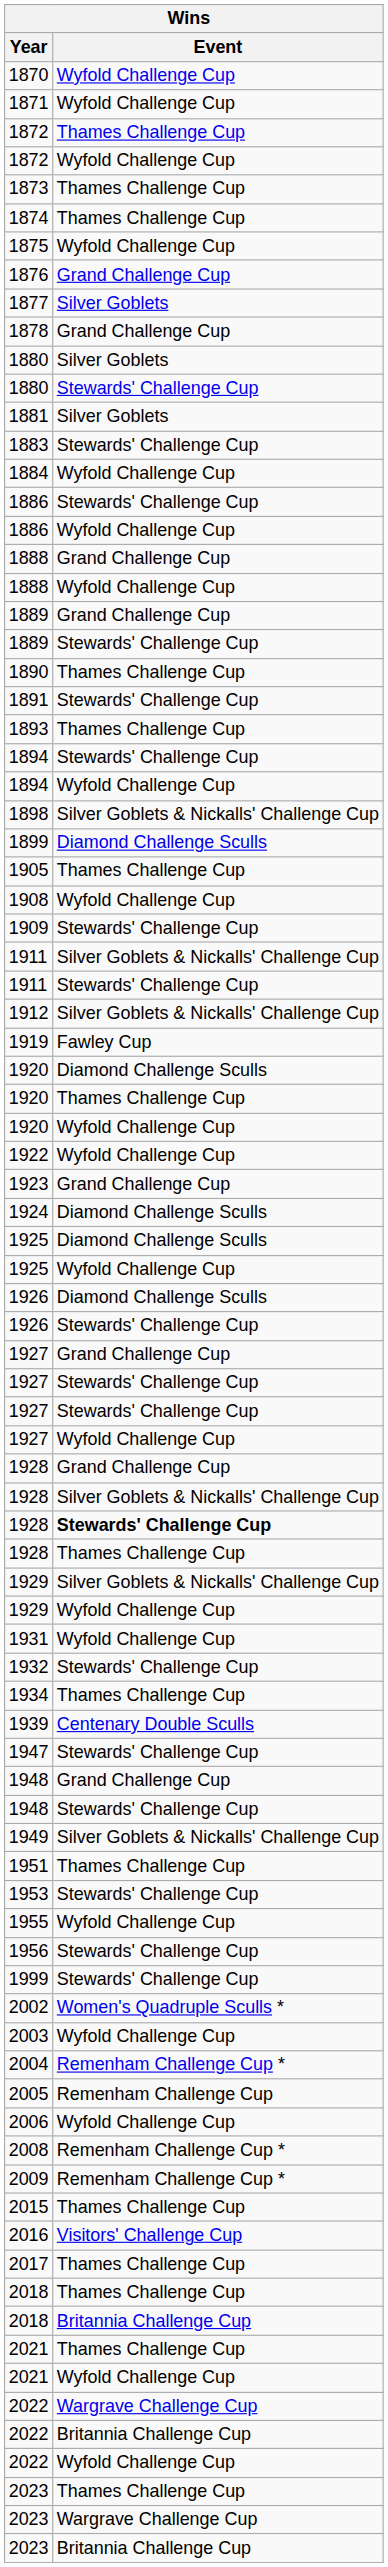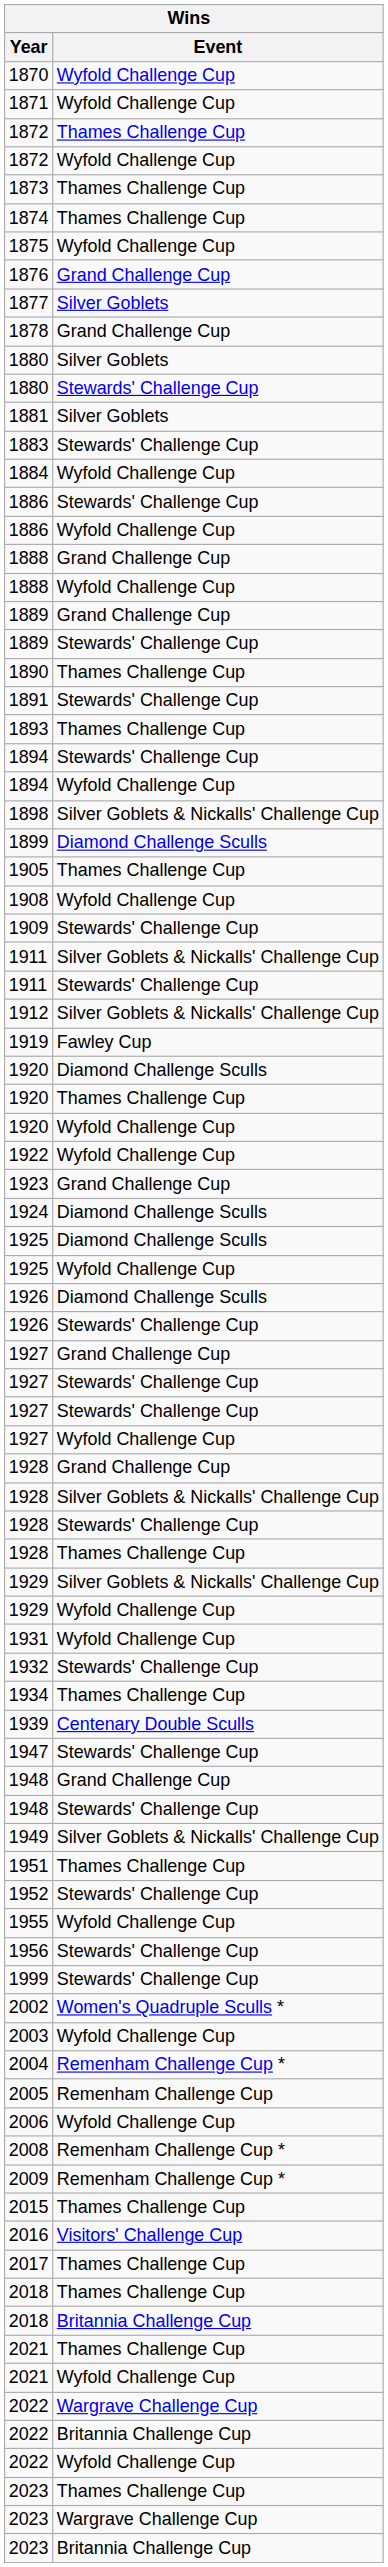 <table class="wikitable collapsible collapsed">
 <tr>
 <th colspan="2">Wins  </th>
 </tr>
 <tr>
 <th>Year</th>
 <th>Event</th>
 </tr>
 <tr>
 <td>1870</td>
 <td><a href='#'>Wyfold Challenge Cup</a></td>
 </tr>
 <tr>
 <td>1871</td>
 <td>Wyfold Challenge Cup</td>
 </tr>
 <tr>
 <td>1872</td>
 <td><a href='#'>Thames Challenge Cup</a></td>
 </tr>
 <tr>
 <td>1872</td>
 <td>Wyfold Challenge Cup</td>
 </tr>
 <tr>
 <td>1873</td>
 <td>Thames Challenge Cup</td>
 </tr>
 <tr>
 <td>1874</td>
 <td>Thames Challenge Cup</td>
 </tr>
 <tr>
 <td>1875</td>
 <td>Wyfold Challenge Cup</td>
 </tr>
 <tr>
 <td>1876</td>
 <td><a href='#'>Grand Challenge Cup</a></td>
 </tr>
 <tr>
 <td>1877</td>
 <td><a href='#'>Silver Goblets</a></td>
 </tr>
 <tr>
 <td>1878</td>
 <td>Grand Challenge Cup</td>
 </tr>
 <tr>
 <td>1880</td>
 <td>Silver Goblets</td>
 </tr>
 <tr>
 <td>1880</td>
 <td><a href='#'>Stewards' Challenge Cup</a></td>
 </tr>
 <tr>
 <td>1881</td>
 <td>Silver Goblets</td>
 </tr>
 <tr>
 <td>1883</td>
 <td>Stewards' Challenge Cup</td>
 </tr>
 <tr>
 <td>1884</td>
 <td>Wyfold Challenge Cup</td>
 </tr>
 <tr>
 <td>1886</td>
 <td>Stewards' Challenge Cup</td>
 </tr>
 <tr>
 <td>1886</td>
 <td>Wyfold Challenge Cup</td>
 </tr>
 <tr>
 <td>1888</td>
 <td>Grand Challenge Cup</td>
 </tr>
 <tr>
 <td>1888</td>
 <td>Wyfold Challenge Cup</td>
 </tr>
 <tr>
 <td>1889</td>
 <td>Grand Challenge Cup</td>
 </tr>
 <tr>
 <td>1889</td>
 <td>Stewards' Challenge Cup</td>
 </tr>
 <tr>
 <td>1890</td>
 <td>Thames Challenge Cup</td>
 </tr>
 <tr>
 <td>1891</td>
 <td>Stewards' Challenge Cup</td>
 </tr>
 <tr>
 <td>1893</td>
 <td>Thames Challenge Cup</td>
 </tr>
 <tr>
 <td>1894</td>
 <td>Stewards' Challenge Cup</td>
 </tr>
 <tr>
 <td>1894</td>
 <td>Wyfold Challenge Cup</td>
 </tr>
 <tr>
 <td>1898</td>
 <td>Silver Goblets & Nickalls' Challenge Cup</td>
 </tr>
 <tr>
 <td>1899</td>
 <td><a href='#'>Diamond Challenge Sculls</a></td>
 </tr>
 <tr>
 <td>1905</td>
 <td>Thames Challenge Cup</td>
 </tr>
 <tr>
 <td>1908</td>
 <td>Wyfold Challenge Cup</td>
 </tr>
 <tr>
 <td>1909</td>
 <td>Stewards' Challenge Cup</td>
 </tr>
 <tr>
 <td>1911</td>
 <td>Silver Goblets & Nickalls' Challenge Cup</td>
 </tr>
 <tr>
 <td>1911</td>
 <td>Stewards' Challenge Cup</td>
 </tr>
 <tr>
 <td>1912</td>
 <td>Silver Goblets & Nickalls' Challenge Cup</td>
 </tr>
 <tr>
 <td>1919</td>
 <td>Fawley Cup</td>
 </tr>
 <tr>
 <td>1920</td>
 <td>Diamond Challenge Sculls</td>
 </tr>
 <tr>
 <td>1920</td>
 <td>Thames Challenge Cup</td>
 </tr>
 <tr>
 <td>1920</td>
 <td>Wyfold Challenge Cup</td>
 </tr>
 <tr>
 <td>1922</td>
 <td>Wyfold Challenge Cup</td>
 </tr>
 <tr>
 <td>1923</td>
 <td>Grand Challenge Cup</td>
 </tr>
 <tr>
 <td>1924</td>
 <td>Diamond Challenge Sculls</td>
 </tr>
 <tr>
 <td>1925</td>
 <td>Diamond Challenge Sculls</td>
 </tr>
 <tr>
 <td>1925</td>
 <td>Wyfold Challenge Cup</td>
 </tr>
 <tr>
 <td>1926</td>
 <td>Diamond Challenge Sculls</td>
 </tr>
 <tr>
 <td>1926</td>
 <td>Stewards' Challenge Cup</td>
 </tr>
 <tr>
 <td>1927</td>
 <td>Grand Challenge Cup</td>
 </tr>
 <tr>
 <td>1927</td>
 <td>Stewards' Challenge Cup</td>
 </tr>
 <tr>
 <td>1927</td>
 <td>Stewards' Challenge Cup</td>
 </tr>
 <tr>
 <td>1927</td>
 <td>Wyfold Challenge Cup</td>
 </tr>
 <tr>
 <td>1928</td>
 <td>Grand Challenge Cup</td>
 </tr>
 <tr>
 <td>1928</td>
 <td>Silver Goblets & Nickalls' Challenge Cup</td>
 </tr>
 <tr>
 <td>1928</td>
-<td><strong>Stewards' Challenge Cup</strong></td>
+<td>Stewards' Challenge Cup</td>
 </tr>
 <tr>
 <td>1928</td>
 <td>Thames Challenge Cup</td>
 </tr>
 <tr>
 <td>1929</td>
 <td>Silver Goblets & Nickalls' Challenge Cup</td>
 </tr>
 <tr>
 <td>1929</td>
 <td>Wyfold Challenge Cup</td>
 </tr>
 <tr>
 <td>1931</td>
 <td>Wyfold Challenge Cup</td>
 </tr>
 <tr>
 <td>1932</td>
 <td>Stewards' Challenge Cup</td>
 </tr>
 <tr>
 <td>1934</td>
 <td>Thames Challenge Cup</td>
 </tr>
 <tr>
 <td>1939</td>
 <td><a href='#'>Centenary Double Sculls</a></td>
 </tr>
 <tr>
 <td>1947</td>
 <td>Stewards' Challenge Cup</td>
 </tr>
 <tr>
 <td>1948</td>
 <td>Grand Challenge Cup</td>
 </tr>
 <tr>
 <td>1948</td>
 <td>Stewards' Challenge Cup</td>
 </tr>
 <tr>
 <td>1949</td>
 <td>Silver Goblets & Nickalls' Challenge Cup</td>
 </tr>
 <tr>
 <td>1951</td>
 <td>Thames Challenge Cup</td>
 </tr>
 <tr>
-<td>1953</td>
+<td>1952</td>
 <td>Stewards' Challenge Cup</td>
 </tr>
 <tr>
 <td>1955</td>
 <td>Wyfold Challenge Cup</td>
 </tr>
 <tr>
 <td>1956</td>
 <td>Stewards' Challenge Cup</td>
 </tr>
 <tr>
 <td>1999</td>
 <td>Stewards' Challenge Cup</td>
 </tr>
 <tr>
 <td>2002</td>
 <td><a href='#'>Women's Quadruple Sculls</a> *</td>
 </tr>
 <tr>
 <td>2003</td>
 <td>Wyfold Challenge Cup</td>
 </tr>
 <tr>
 <td>2004</td>
 <td><a href='#'>Remenham Challenge Cup</a> *</td>
 </tr>
 <tr>
 <td>2005</td>
 <td>Remenham Challenge Cup</td>
 </tr>
 <tr>
 <td>2006</td>
 <td>Wyfold Challenge Cup</td>
 </tr>
 <tr>
 <td>2008</td>
 <td>Remenham Challenge Cup *</td>
 </tr>
 <tr>
 <td>2009</td>
 <td>Remenham Challenge Cup *</td>
 </tr>
 <tr>
 <td>2015</td>
 <td>Thames Challenge Cup</td>
 </tr>
 <tr>
 <td>2016</td>
 <td><a href='#'>Visitors' Challenge Cup</a></td>
 </tr>
 <tr>
 <td>2017</td>
 <td>Thames Challenge Cup</td>
 </tr>
 <tr>
 <td>2018</td>
 <td>Thames Challenge Cup</td>
 </tr>
 <tr>
 <td>2018</td>
 <td><a href='#'>Britannia Challenge Cup</a></td>
 </tr>
 <tr>
 <td>2021</td>
 <td>Thames Challenge Cup</td>
 </tr>
 <tr>
 <td>2021</td>
 <td>Wyfold Challenge Cup</td>
 </tr>
 <tr>
 <td>2022</td>
 <td><a href='#'>Wargrave Challenge Cup</a></td>
 </tr>
 <tr>
 <td>2022</td>
 <td>Britannia Challenge Cup</td>
 </tr>
 <tr>
 <td>2022</td>
 <td>Wyfold Challenge Cup</td>
 </tr>
 <tr>
 <td>2023</td>
 <td>Thames Challenge Cup</td>
 </tr>
 <tr>
 <td>2023</td>
 <td>Wargrave Challenge Cup</td>
 </tr>
 <tr>
 <td>2023</td>
 <td>Britannia Challenge Cup</td>
 </tr>
 </table>
